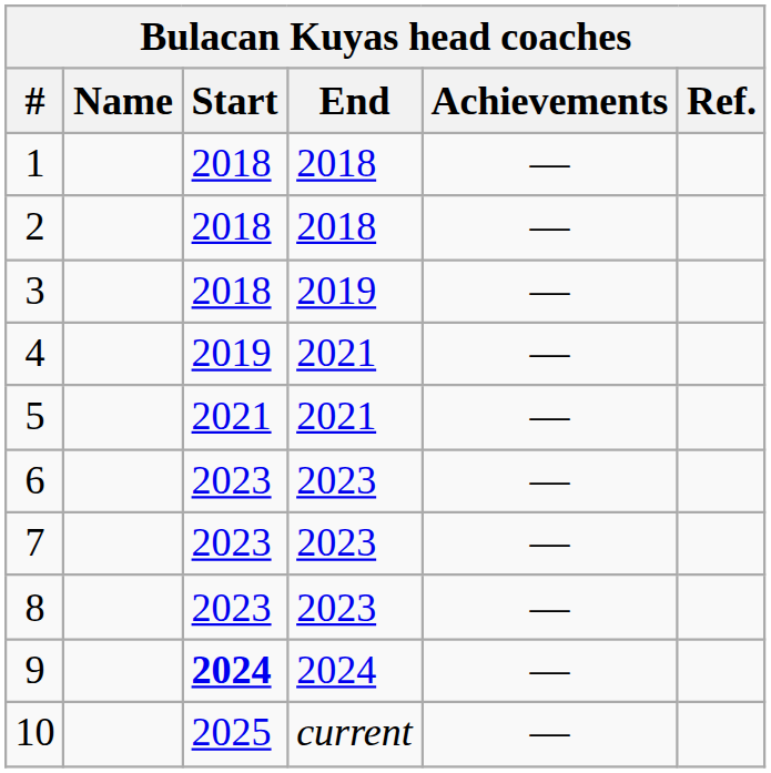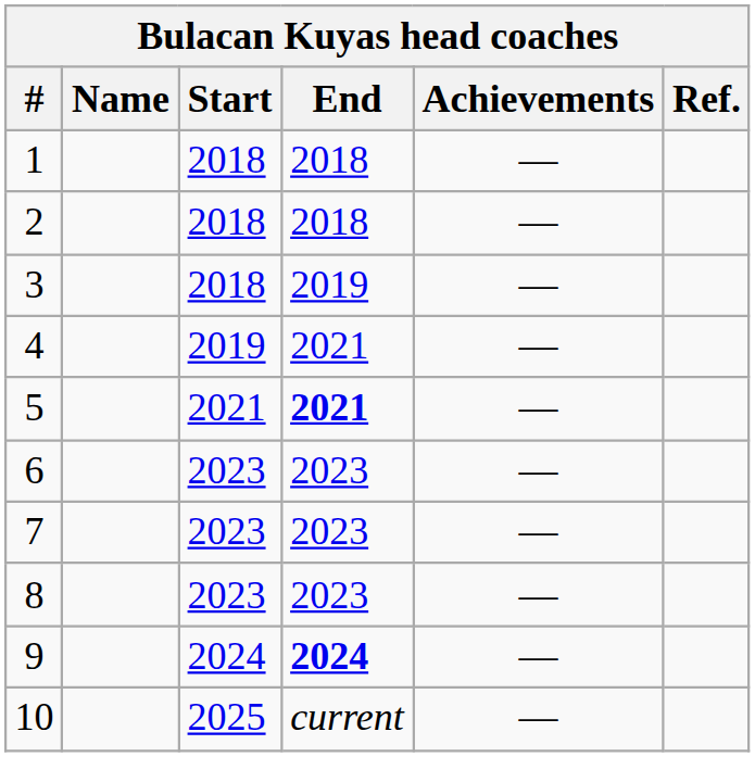 <table class="wikitable sortable">
 <tr>
 <th colspan="6">Bulacan Kuyas head coaches</th>
 </tr>
 <tr>
 <th>#</th>
 <th>Name</th>
 <th>Start</th>
 <th>End</th>
 <th>Achievements</th>
 <th>Ref.</th>
 </tr>
 <tr>
 <td align=center>1</td>
 <td></td>
 <td><a href='#'>2018</a></td>
 <td><a href='#'>2018</a></td>
 <td align=center>—</td>
 <td></td>
 </tr>
 <tr>
 <td align=center>2</td>
 <td></td>
 <td><a href='#'>2018</a></td>
 <td><a href='#'>2018</a></td>
 <td align=center>—</td>
 <td></td>
 </tr>
 <tr>
 <td align=center>3</td>
 <td></td>
 <td><a href='#'>2018</a></td>
 <td><a href='#'>2019</a></td>
 <td align=center>—</td>
 <td></td>
 </tr>
 <tr>
 <td align=center>4</td>
 <td></td>
 <td><a href='#'>2019</a></td>
 <td><a href='#'>2021</a></td>
 <td align=center>—</td>
 <td></td>
 </tr>
 <tr>
 <td align=center>5</td>
 <td></td>
 <td><a href='#'>2021</a></td>
-<td><a href='#'>2021</a></td>
+<td><strong><a href='#'>2021</a></strong></td>
 <td align=center>—</td>
 <td></td>
 </tr>
 <tr>
 <td align=center>6</td>
 <td></td>
 <td><a href='#'>2023</a></td>
 <td><a href='#'>2023</a></td>
 <td align=center>—</td>
 <td></td>
 </tr>
 <tr>
 <td align=center>7</td>
 <td></td>
 <td><a href='#'>2023</a></td>
 <td><a href='#'>2023</a></td>
 <td align=center>—</td>
 <td></td>
 </tr>
 <tr>
 <td align=center>8</td>
 <td></td>
 <td><a href='#'>2023</a></td>
 <td><a href='#'>2023</a></td>
 <td align=center>—</td>
 <td></td>
 </tr>
 <tr>
 <td align=center>9</td>
 <td></td>
+<td><a href='#'>2024</a></td>
 <td><strong><a href='#'>2024</a></strong></td>
-<td><a href='#'>2024</a></td>
 <td align=center>—</td>
 <td></td>
 </tr>
 <tr>
 <td align=center>10</td>
 <td></td>
 <td><a href='#'>2025</a></td>
 <td><em>current</em></td>
 <td align=center>—</td>
 <td></td>
 </tr>
 </table>
